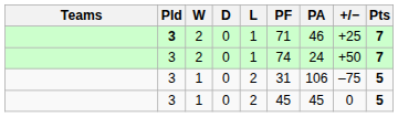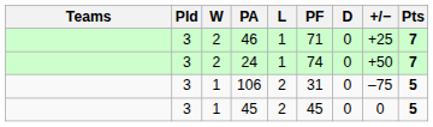 <table class="wikitable" style="text-align: center;">
 <tr>
 <th width="175">Teams</th>
 <th width="25">Pld</th>
 <th width="25">W</th>
-<th width="25">D</th>
+<th width="32">PA</th>
 <th width="25">L</th>
 <th width="32">PF</th>
-<th width="32">PA</th>
+<th width="25">D</th>
 <th width="32">+/−</th>
 <th width="25">Pts</th>
 </tr>
 <tr bgcolor=ccffcc>
 <td align=left></td>
-<td><strong>3</strong></td>
+<td>3</td>
 <td>2</td>
-<td>0</td>
+<td>46</td>
 <td>1</td>
 <td>71</td>
-<td>46</td>
+<td>0</td>
 <td>+25</td>
 <td><strong>7</strong></td>
 </tr>
 <tr bgcolor=ccffcc>
 <td align=left></td>
 <td>3</td>
 <td>2</td>
-<td>0</td>
+<td>24</td>
 <td>1</td>
 <td>74</td>
-<td>24</td>
+<td>0</td>
 <td>+50</td>
 <td><strong>7</strong></td>
 </tr>
 <tr>
 <td align=left></td>
 <td>3</td>
 <td>1</td>
-<td>0</td>
+<td>106</td>
 <td>2</td>
 <td>31</td>
-<td>106</td>
+<td>0</td>
 <td>–75</td>
 <td><strong>5</strong></td>
 </tr>
 <tr>
 <td align=left></td>
 <td>3</td>
 <td>1</td>
-<td>0</td>
+<td>45</td>
 <td>2</td>
 <td>45</td>
-<td>45</td>
+<td>0</td>
 <td>0</td>
 <td><strong>5</strong></td>
 </tr>
 </table>
